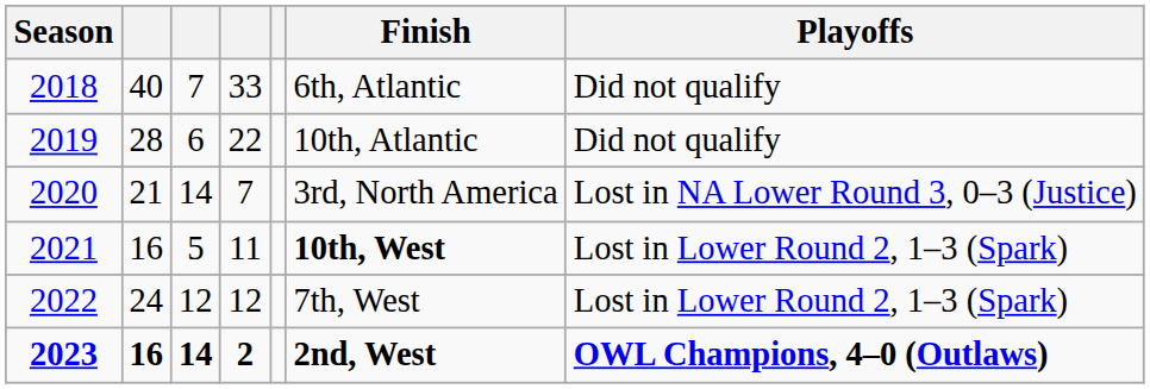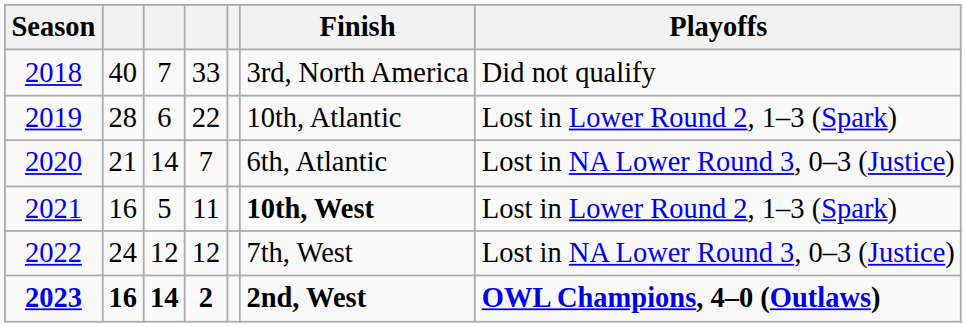 <table class="wikitable" style="text-align:center;">
 <tr>
 <th style="background:#">Season</th>
 <th style="background:#"></th>
 <th style="background:#"></th>
 <th style="background:#"></th>
 <th style="background:#"></th>
 <th style="background:#">Finish</th>
 <th style="background:#">Playoffs</th>
 </tr>
 <tr>
 <td><a href='#'>2018</a></td>
 <td>40</td>
 <td>7</td>
 <td>33</td>
 <td></td>
-<td style="text-align:left">6th, Atlantic</td>
+<td style="text-align:left">3rd, North America</td>
 <td style="text-align:left">Did not qualify</td>
 </tr>
 <tr>
 <td><a href='#'>2019</a></td>
 <td>28</td>
 <td>6</td>
 <td>22</td>
 <td></td>
 <td style="text-align:left">10th, Atlantic</td>
-<td style="text-align:left">Did not qualify</td>
+<td style="text-align:left">Lost in <a href='#'>Lower Round 2</a>, 1–3 (<a href='#'>Spark</a>)</td>
 </tr>
 <tr>
 <td><a href='#'>2020</a></td>
 <td>21</td>
 <td>14</td>
 <td>7</td>
 <td></td>
-<td style="text-align:left">3rd, North America</td>
+<td style="text-align:left">6th, Atlantic</td>
 <td style="text-align:left">Lost in <a href='#'>NA Lower Round 3</a>, 0–3 (<a href='#'>Justice</a>)</td>
 </tr>
 <tr>
 <td><a href='#'>2021</a></td>
 <td>16</td>
 <td>5</td>
 <td>11</td>
 <td></td>
 <td style="text-align:left"><strong>10th, West</strong></td>
 <td style="text-align:left">Lost in <a href='#'>Lower Round 2</a>, 1–3 (<a href='#'>Spark</a>)</td>
 </tr>
 <tr>
 <td><a href='#'>2022</a></td>
 <td>24</td>
 <td>12</td>
 <td>12</td>
 <td></td>
 <td style="text-align:left">7th, West</td>
-<td style="text-align:left">Lost in <a href='#'>Lower Round 2</a>, 1–3 (<a href='#'>Spark</a>)</td>
+<td style="text-align:left">Lost in <a href='#'>NA Lower Round 3</a>, 0–3 (<a href='#'>Justice</a>)</td>
 </tr>
 <tr>
 <td><strong><a href='#'>2023</a></strong></td>
 <td><strong>16</strong></td>
 <td><strong>14</strong></td>
 <td><strong>2</strong></td>
 <td><strong></strong></td>
 <td style="text-align:left"><strong>2nd, West</strong></td>
 <td style="text-align:left"><strong><a href='#'>OWL Champions</a>, 4–0 (<a href='#'>Outlaws</a>)</strong></td>
 </tr>
 </table>
